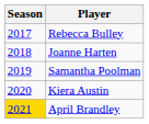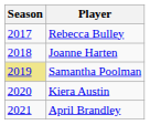 <table class="wikitable collapsible">
 <tr>
 <th>Season</th>
 <th>Player</th>
 </tr>
 <tr>
 <td><a href='#'>2017</a></td>
 <td><a href='#'>Rebecca Bulley</a></td>
 </tr>
 <tr>
 <td><a href='#'>2018</a></td>
 <td><a href='#'>Joanne Harten</a></td>
 </tr>
 <tr>
-<td><a href='#'>2019</a></td>
+<td style="background: khaki;"><a href='#'>2019</a></td>
 <td><a href='#'>Samantha Poolman</a></td>
 </tr>
 <tr>
 <td><a href='#'>2020</a></td>
 <td><a href='#'>Kiera Austin</a></td>
 </tr>
 <tr>
-<td style="background: gold;"><a href='#'>2021</a></td>
+<td><a href='#'>2021</a></td>
 <td><a href='#'>April Brandley</a></td>
 </tr>
 </table>
